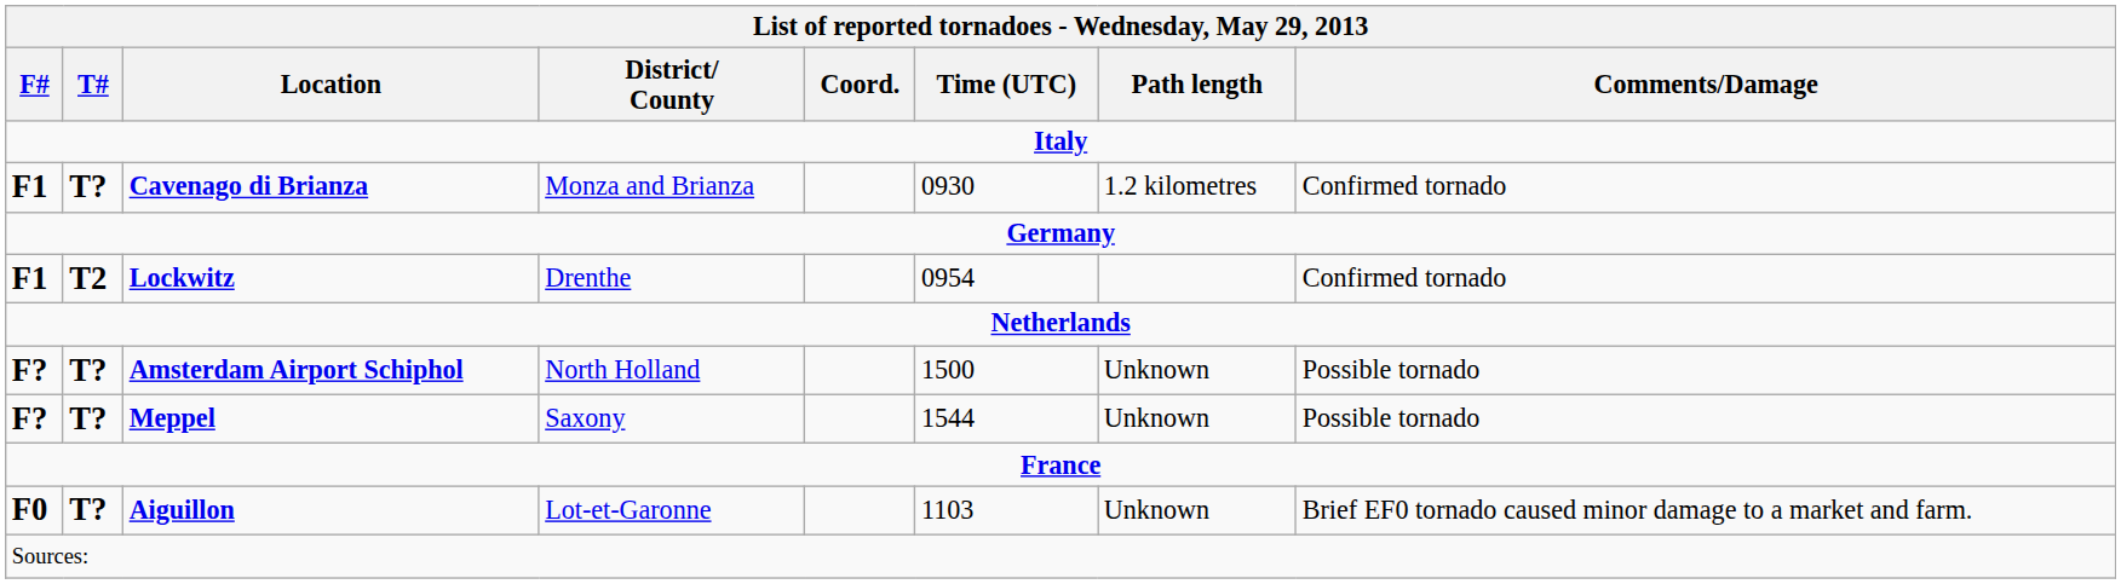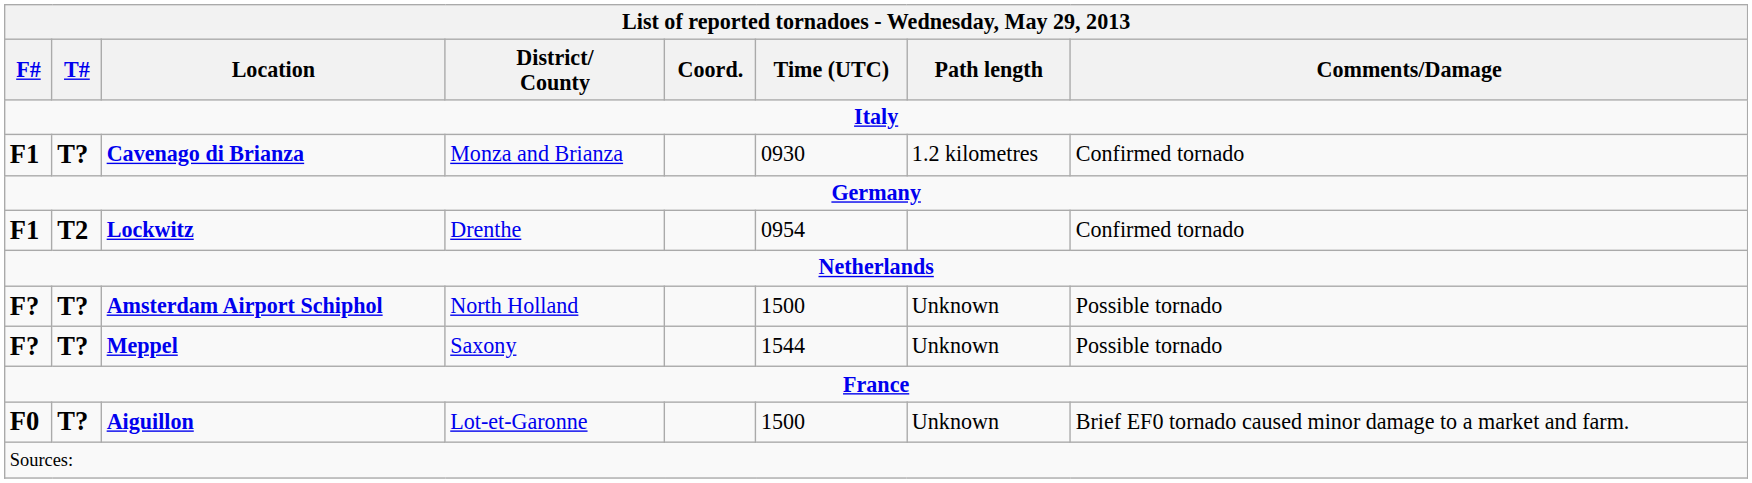 <table class="wikitable collapsible" width="100%">
 <tr>
 <th colspan="8">List of reported tornadoes - Wednesday, May 29, 2013</th>
 </tr>
 <tr>
 <th><a href='#'>F#</a></th>
 <th><a href='#'>T#</a></th>
 <th>Location</th>
 <th>District/<br>County</th>
 <th>Coord.</th>
 <th>Time (UTC)</th>
 <th>Path length</th>
 <th>Comments/Damage</th>
 </tr>
 <tr>
 <td colspan="8" align=center><strong><a href='#'>Italy</a></strong></td>
 </tr>
 <tr>
 <td><big><strong>F1</strong></big></td>
 <td><big><strong>T?</strong></big></td>
 <td><strong><a href='#'>Cavenago di Brianza</a></strong></td>
 <td><a href='#'>Monza and Brianza</a></td>
 <td></td>
 <td>0930</td>
 <td>1.2 kilometres</td>
 <td>Confirmed tornado</td>
 </tr>
 <tr>
 <td colspan="8" align=center><strong><a href='#'>Germany</a></strong></td>
 </tr>
 <tr>
 <td><big><strong>F1</strong></big></td>
 <td><big><strong>T2</strong></big></td>
 <td><strong><a href='#'>Lockwitz</a></strong></td>
 <td><a href='#'>Drenthe</a></td>
 <td></td>
 <td>0954</td>
 <td></td>
 <td>Confirmed tornado</td>
 </tr>
 <tr>
 <td colspan="8" align=center><strong><a href='#'>Netherlands</a></strong></td>
 </tr>
 <tr>
 <td><big><strong>F?</strong></big></td>
 <td><big><strong>T?</strong></big></td>
 <td><strong><a href='#'>Amsterdam Airport Schiphol</a></strong></td>
 <td><a href='#'>North Holland</a></td>
 <td></td>
 <td>1500</td>
 <td>Unknown</td>
 <td>Possible tornado</td>
 </tr>
 <tr>
 <td><big><strong>F?</strong></big></td>
 <td><big><strong>T?</strong></big></td>
 <td><strong><a href='#'>Meppel</a></strong></td>
 <td><a href='#'>Saxony</a></td>
 <td></td>
 <td>1544</td>
 <td>Unknown</td>
 <td>Possible tornado</td>
 </tr>
 <tr>
 <td colspan="8" align=center><strong><a href='#'>France</a></strong></td>
 </tr>
 <tr>
 <td><big><strong>F0</strong></big></td>
 <td><big><strong>T?</strong></big></td>
 <td><strong><a href='#'>Aiguillon</a></strong></td>
 <td><a href='#'>Lot-et-Garonne</a></td>
 <td></td>
-<td>1103</td>
+<td>1500</td>
 <td>Unknown</td>
 <td>Brief EF0 tornado caused minor damage to a market and farm.</td>
 </tr>
 <tr>
 <td colspan="8"><small>Sources:  </small></td>
 </tr>
 </table>
